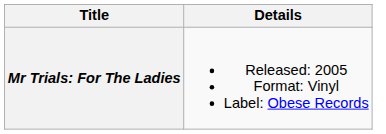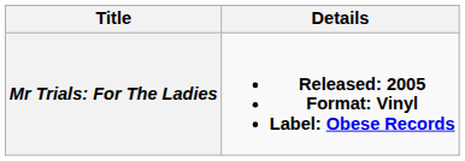 <table class="wikitable plainrowheaders" style="text-align:center;" border="1">
 <tr>
 <th>Title</th>
 <th>Details</th>
 </tr>
 <tr>
 <th scope="row"><em>Mr Trials: For The Ladies</em></th>
-<td><br><ul><li>Released: 2005</li><li>Format: Vinyl</li><li>Label: <a href='#'>Obese Records</a></li></ul></td>
+<td><strong><br><ul><li>Released: 2005</li><li>Format: Vinyl</li><li>Label: <a href='#'>Obese Records</a></li></ul></strong></td>
 </tr>
 </table>
